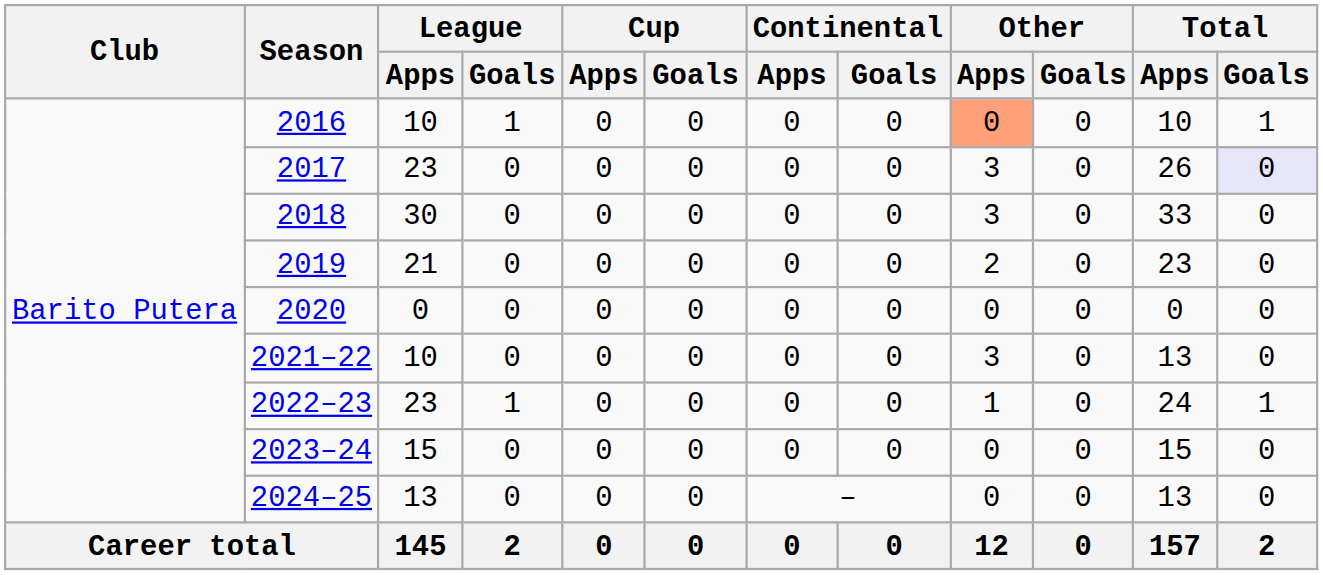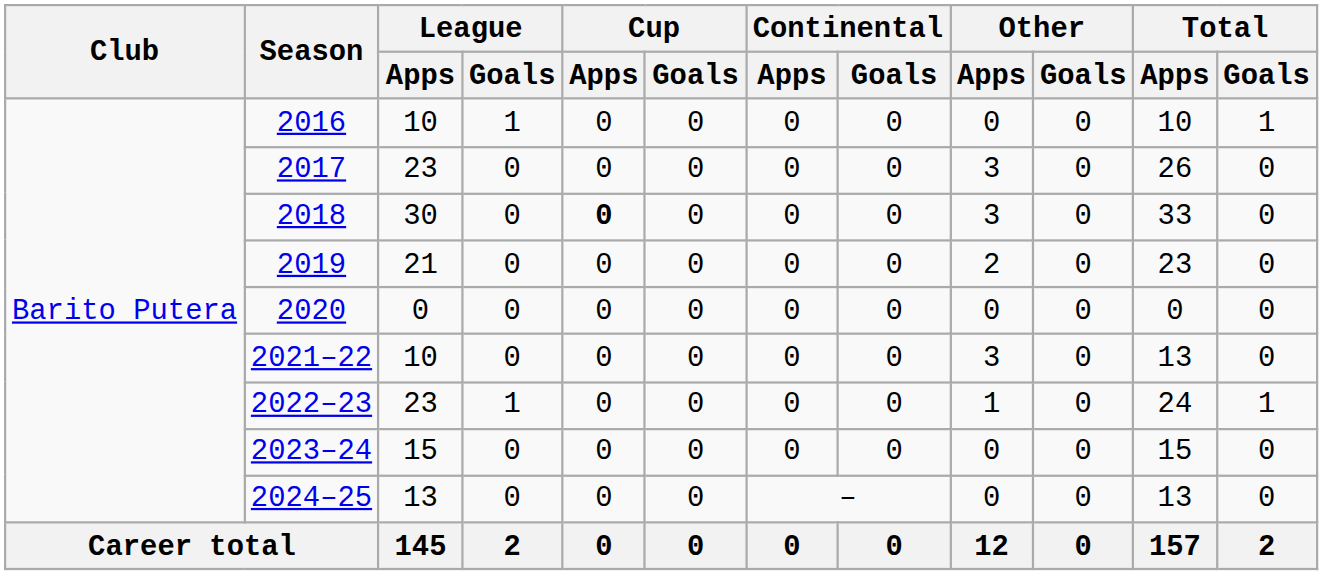 <table class="wikitable" style="text-align:center">
 <tr>
 <th rowspan="2">Club</th>
 <th rowspan="2">Season</th>
 <th colspan="2">League</th>
 <th colspan="2">Cup</th>
 <th colspan="2">Continental</th>
 <th colspan="2">Other</th>
 <th colspan="2">Total</th>
 </tr>
 <tr>
 <th>Apps</th>
 <th>Goals</th>
 <th>Apps</th>
 <th>Goals</th>
 <th>Apps</th>
 <th>Goals</th>
 <th>Apps</th>
 <th>Goals</th>
 <th>Apps</th>
 <th>Goals</th>
 </tr>
 <tr>
 <td rowspan="9" valign="center"><a href='#'>Barito Putera</a></td>
 <td><a href='#'>2016</a></td>
 <td>10</td>
 <td>1</td>
 <td>0</td>
 <td>0</td>
 <td>0</td>
 <td>0</td>
-<td style="background: lightsalmon;">0</td>
+<td>0</td>
 <td>0</td>
 <td>10</td>
 <td>1</td>
 </tr>
 <tr>
 <td><a href='#'>2017</a></td>
 <td>23</td>
 <td>0</td>
 <td>0</td>
 <td>0</td>
 <td>0</td>
 <td>0</td>
 <td>3</td>
 <td>0</td>
 <td>26</td>
-<td style="background: lavender;">0</td>
+<td>0</td>
 </tr>
 <tr>
 <td><a href='#'>2018</a></td>
 <td>30</td>
 <td>0</td>
-<td>0</td>
+<td><strong>0</strong></td>
 <td>0</td>
 <td>0</td>
 <td>0</td>
 <td>3</td>
 <td>0</td>
 <td>33</td>
 <td>0</td>
 </tr>
 <tr>
 <td><a href='#'>2019</a></td>
 <td>21</td>
 <td>0</td>
 <td>0</td>
 <td>0</td>
 <td>0</td>
 <td>0</td>
 <td>2</td>
 <td>0</td>
 <td>23</td>
 <td>0</td>
 </tr>
 <tr>
 <td><a href='#'>2020</a></td>
 <td>0</td>
 <td>0</td>
 <td>0</td>
 <td>0</td>
 <td>0</td>
 <td>0</td>
 <td>0</td>
 <td>0</td>
 <td>0</td>
 <td>0</td>
 </tr>
 <tr>
 <td><a href='#'>2021–22</a></td>
 <td>10</td>
 <td>0</td>
 <td>0</td>
 <td>0</td>
 <td>0</td>
 <td>0</td>
 <td>3</td>
 <td>0</td>
 <td>13</td>
 <td>0</td>
 </tr>
 <tr>
 <td><a href='#'>2022–23</a></td>
 <td>23</td>
 <td>1</td>
 <td>0</td>
 <td>0</td>
 <td>0</td>
 <td>0</td>
 <td>1</td>
 <td>0</td>
 <td>24</td>
 <td>1</td>
 </tr>
 <tr>
 <td><a href='#'>2023–24</a></td>
 <td>15</td>
 <td>0</td>
 <td>0</td>
 <td>0</td>
 <td>0</td>
 <td>0</td>
 <td>0</td>
 <td>0</td>
 <td>15</td>
 <td>0</td>
 </tr>
 <tr>
 <td><a href='#'>2024–25</a></td>
 <td>13</td>
 <td>0</td>
 <td>0</td>
 <td>0</td>
 <td colspan="2">–</td>
 <td>0</td>
 <td>0</td>
 <td>13</td>
 <td>0</td>
 </tr>
 <tr>
 <th colspan="2">Career total</th>
 <th>145</th>
 <th>2</th>
 <th>0</th>
 <th>0</th>
 <th>0</th>
 <th>0</th>
 <th>12</th>
 <th>0</th>
 <th>157</th>
 <th>2</th>
 </tr>
 </table>
